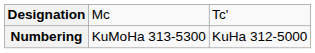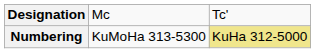 <table class="wikitable">
 <tr>
 <th>Designation</th>
 <td>Mc</td>
 <td>Tc'</td>
 </tr>
 <tr>
 <th>Numbering</th>
 <td>KuMoHa 313-5300</td>
-<td>KuHa 312-5000</td>
+<td style="background: khaki;">KuHa 312-5000</td>
 </tr>
 </table>
